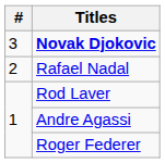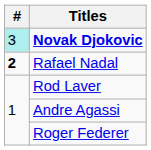 <table class="wikitable" style="display:inline-table;">
 <tr>
 <th width=20>#</th>
 <th>Titles</th>
 </tr>
 <tr>
-<td>3</td>
+<td style="background: paleturquoise;">3</td>
 <td><strong> <a href='#'>Novak Djokovic</a></strong></td>
 </tr>
 <tr>
-<td>2</td>
+<td><strong>2</strong></td>
 <td> <a href='#'>Rafael Nadal</a></td>
 </tr>
 <tr>
 <td rowspan="3">1</td>
 <td> <a href='#'>Rod Laver</a></td>
 </tr>
 <tr>
 <td> <a href='#'>Andre Agassi</a></td>
 </tr>
 <tr>
 <td> <a href='#'>Roger Federer</a></td>
 </tr>
 </table>
